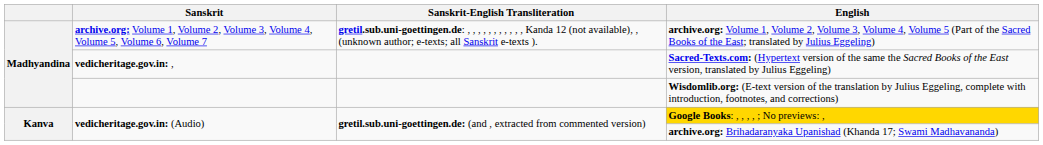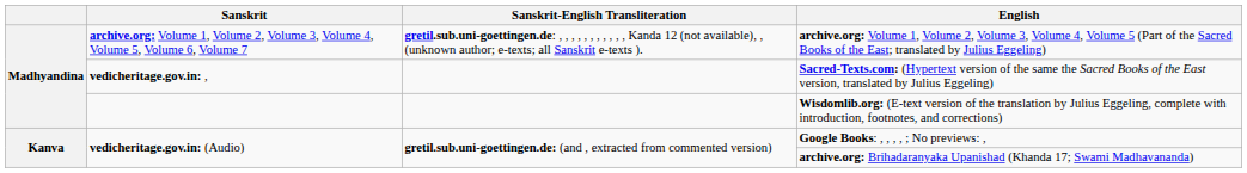 <table class="wikitable">
 <tr>
 <th></th>
 <th>Sanskrit</th>
 <th>Sanskrit-English Transliteration</th>
 <th>English</th>
 </tr>
 <tr>
 <th rowspan="3">Madhyandina</th>
 <td><a href='#'><strong>archive.org:</strong></a> <a href='#'>Volume 1</a>, <a href='#'>Volume 2</a>, <a href='#'>Volume 3</a>, <a href='#'>Volume 4</a>, <a href='#'>Volume 5</a>, <a href='#'>Volume 6</a>, <a href='#'>Volume 7</a></td>
 <td><strong><a href='#'>gretil</a>.sub.uni-goettingen.de</strong>: , , , , , , , , , , , Kanda 12 (not available), ,  (unknown author; e-texts; all <a href='#'>Sanskrit</a> e-texts ).</td>
 <td><strong>archive.org:</strong> <a href='#'>Volume 1</a>, <a href='#'>Volume 2</a>, <a href='#'>Volume 3</a>, <a href='#'>Volume 4</a>, <a href='#'>Volume 5</a> (Part of the <a href='#'>Sacred Books of the East</a>; translated by <a href='#'>Julius Eggeling</a>)</td>
 </tr>
 <tr>
 <td><strong>vedicheritage.gov.in:</strong> , </td>
 <td></td>
 <td><strong><a href='#'>Sacred-Texts.com</a>:</strong>  (<a href='#'>Hypertext</a> version of the same the <em>Sacred Books of the East</em> version, translated by Julius Eggeling)</td>
 </tr>
 <tr>
 <td></td>
 <td></td>
 <td><strong>Wisdomlib.org:</strong>  (E-text version of the translation by Julius Eggeling, complete with introduction, footnotes, and corrections)</td>
 </tr>
 <tr>
 <th rowspan="2">Kanva</th>
 <td rowspan="2"><strong>vedicheritage.gov.in:</strong>  (Audio)</td>
 <td rowspan="2"><strong>gretil.sub.uni-goettingen.de:</strong>  (and , extracted from commented version)</td>
-<td style="background: gold;"><strong>Google Books</strong>: ,  , , , ; No previews: , </td>
+<td><strong>Google Books</strong>: ,  , , , ; No previews: , </td>
 </tr>
 <tr>
 <td><strong>archive.org:</strong> <a href='#'>Brihadaranyaka Upanishad</a> (Khanda 17; <a href='#'>Swami Madhavananda</a>)</td>
 </tr>
 </table>
